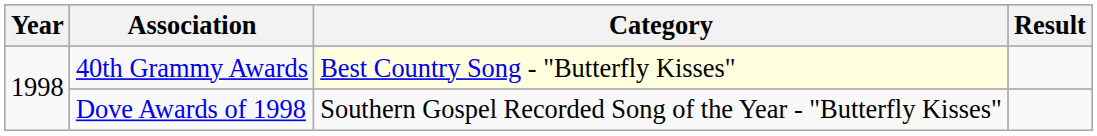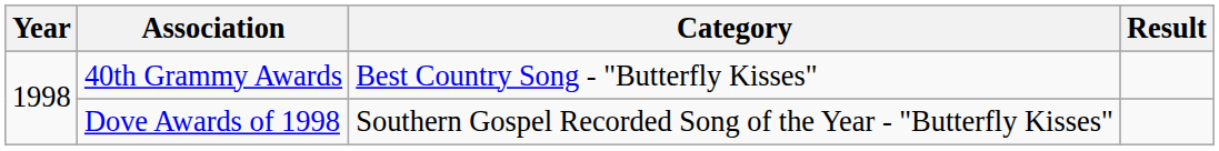 <table class="wikitable">
 <tr>
 <th>Year</th>
 <th>Association</th>
 <th>Category</th>
 <th>Result</th>
 </tr>
 <tr>
 <td rowspan="2">1998</td>
 <td><a href='#'>40th Grammy Awards</a></td>
-<td style="background: lightyellow;"><a href='#'>Best Country Song</a> - "Butterfly Kisses"</td>
+<td><a href='#'>Best Country Song</a> - "Butterfly Kisses"</td>
 <td></td>
 </tr>
 <tr>
 <td><a href='#'>Dove Awards of 1998</a></td>
 <td>Southern Gospel Recorded Song of the Year - "Butterfly Kisses"</td>
 <td></td>
 </tr>
 </table>
